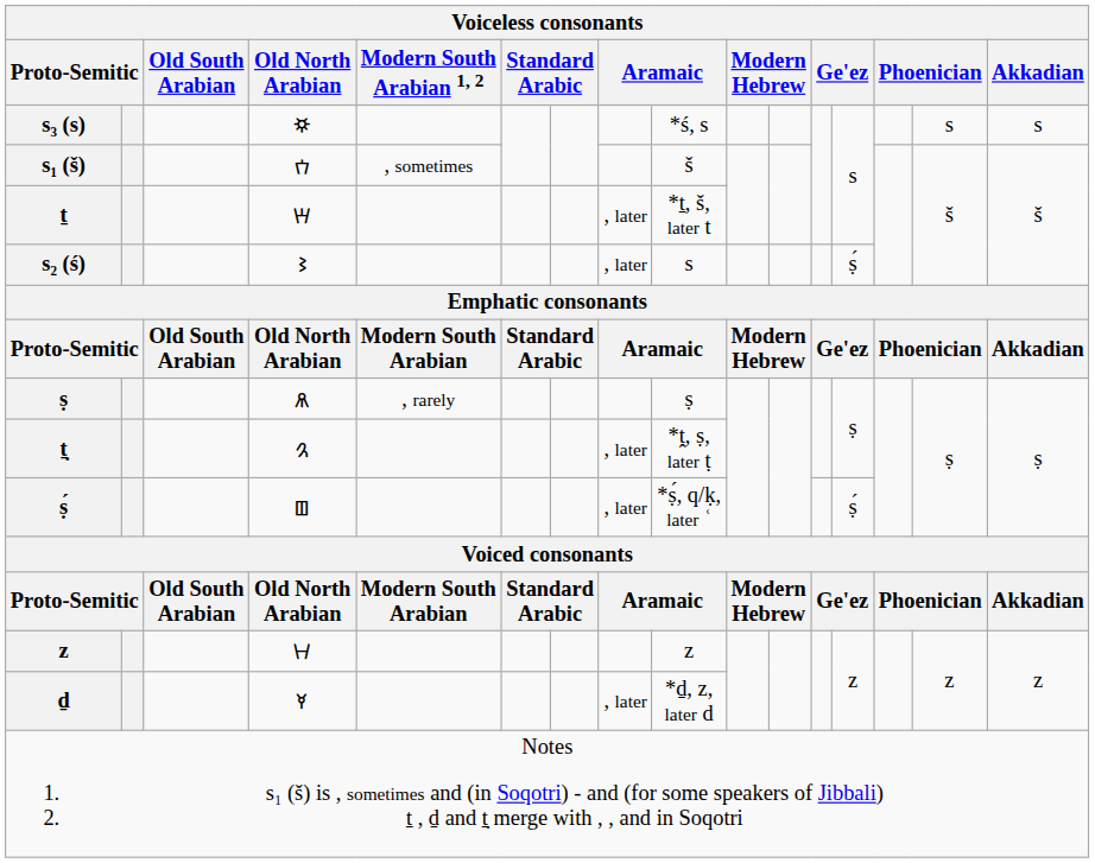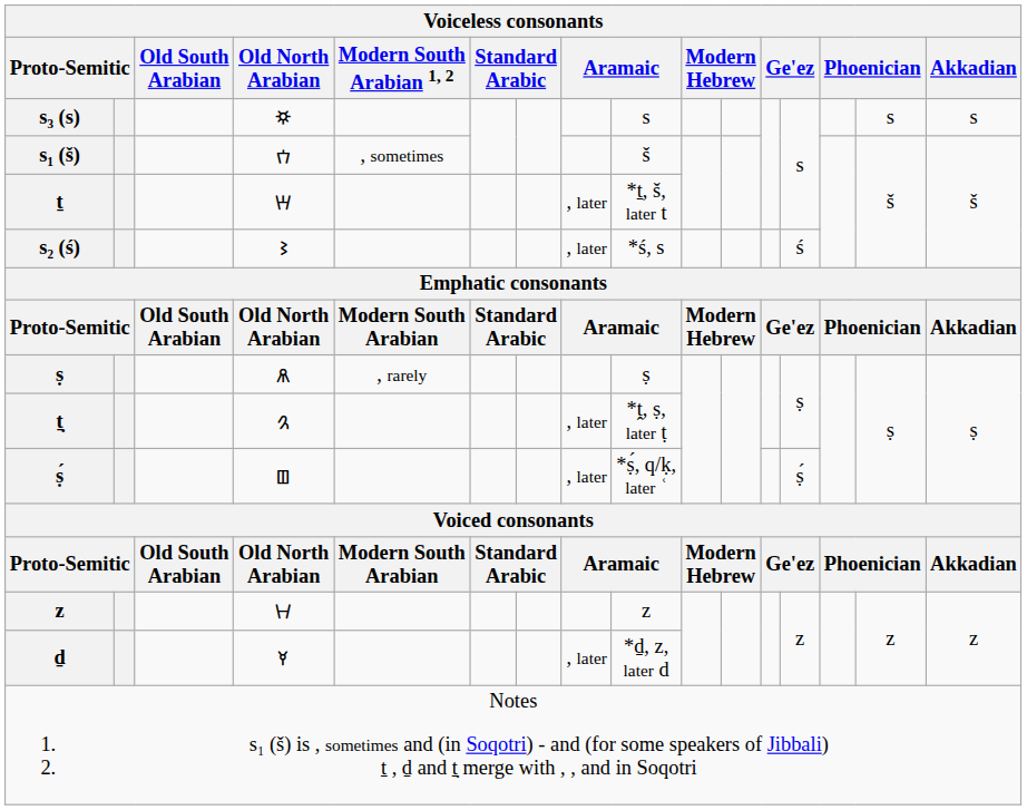 <table class="wikitable" style="text-align:center;">
 <tr>
 <th colspan="16">Voiceless consonants</th>
 </tr>
 <tr>
 <th colspan="2">Proto-Semitic</th>
 <th><a href='#'>Old South<br>Arabian</a></th>
 <th><a href='#'>Old North<br>Arabian</a></th>
 <th><a href='#'>Modern South<br>Arabian</a> <sup>1, 2</sup></th>
 <th colspan="2"><a href='#'>Standard<br>Arabic</a></th>
 <th colspan="2"><a href='#'>Aramaic</a></th>
 <th colspan="2"><a href='#'>Modern<br>Hebrew</a></th>
 <th colspan="2"><a href='#'>Ge'ez</a></th>
 <th colspan="2"><a href='#'>Phoenician</a></th>
 <th><a href='#'>Akkadian</a></th>
 </tr>
 <tr>
 <th>s₃ (s)</th>
 <th></th>
 <td></td>
 <td>𐪏</td>
 <td></td>
 <td rowspan="2"><big></big></td>
 <td rowspan="2"></td>
 <td></td>
-<td>*ś, s</td>
+<td>s</td>
 <td></td>
 <td></td>
 <td rowspan="3"></td>
 <td rowspan="3">s</td>
 <td></td>
 <td>s</td>
 <td>s</td>
 </tr>
 <tr>
 <th>s₁ (š)</th>
 <th></th>
 <td></td>
 <td>𐪊</td>
 <td>, <small>sometimes</small> </td>
 <td></td>
 <td>š</td>
 <td rowspan="2"></td>
 <td rowspan="2"></td>
 <td rowspan="3"></td>
 <td rowspan="3">š</td>
 <td rowspan="3">š</td>
 </tr>
 <tr>
 <th>ṯ</th>
 <th></th>
 <td></td>
 <td>𐪙</td>
 <td></td>
 <td><big></big></td>
 <td></td>
 <td>, <small>later</small> </td>
 <td>*ṯ, š,<br><small>later</small> t</td>
 </tr>
 <tr>
 <th>s₂ (ś)</th>
 <th></th>
 <td></td>
 <td>𐪆</td>
 <td></td>
 <td><big></big></td>
 <td></td>
 <td>, <small>later</small> </td>
-<td>s</td>
+<td>*ś, s</td>
 <td></td>
 <td></td>
 <td></td>
-<td>ṣ́</td>
+<td>ś</td>
 </tr>
 <tr>
 <th colspan="16">Emphatic consonants</th>
 </tr>
 <tr>
 <th colspan="2">Proto-Semitic</th>
 <th>Old South<br>Arabian</th>
 <th>Old North<br>Arabian</th>
 <th>Modern South<br>Arabian</th>
 <th colspan="2">Standard<br>Arabic</th>
 <th colspan="2">Aramaic</th>
 <th colspan="2">Modern<br>Hebrew</th>
 <th colspan="2">Ge'ez</th>
 <th colspan="2">Phoenician</th>
 <th>Akkadian</th>
 </tr>
 <tr>
 <th>ṣ</th>
 <th></th>
 <td></td>
 <td>𐪎</td>
 <td>, <small>rarely</small> </td>
 <td><big></big></td>
 <td></td>
 <td></td>
 <td>ṣ</td>
 <td rowspan="3"></td>
 <td rowspan="3"></td>
 <td rowspan="2"></td>
 <td rowspan="2">ṣ</td>
 <td rowspan="3"></td>
 <td rowspan="3">ṣ</td>
 <td rowspan="3">ṣ</td>
 </tr>
 <tr>
 <th>ṯ̣</th>
 <th></th>
 <td></td>
 <td>𐪜</td>
 <td></td>
 <td><big></big></td>
 <td></td>
 <td>, <small>later</small> </td>
 <td>*ṱ, ṣ,<br><small>later</small> ṭ</td>
 </tr>
 <tr>
 <th>ṣ́</th>
 <th></th>
 <td></td>
 <td>𐪓</td>
 <td></td>
 <td><big></big></td>
 <td></td>
 <td>, <small>later</small> </td>
 <td>*ṣ́, q/ḳ,<br><small>later</small> ʿ</td>
 <td></td>
 <td>ṣ́</td>
 </tr>
 <tr>
 <th colspan="16">Voiced consonants</th>
 </tr>
 <tr>
 <th colspan="2">Proto-Semitic</th>
 <th>Old South<br>Arabian</th>
 <th>Old North<br>Arabian</th>
 <th>Modern South<br>Arabian</th>
 <th colspan="2">Standard<br>Arabic</th>
 <th colspan="2">Aramaic</th>
 <th colspan="2">Modern<br>Hebrew</th>
 <th colspan="2">Ge'ez</th>
 <th colspan="2">Phoenician</th>
 <th>Akkadian</th>
 </tr>
 <tr>
 <th>z</th>
 <th></th>
 <td></td>
 <td>𐪘</td>
 <td></td>
 <td><big></big></td>
 <td></td>
 <td></td>
 <td>z</td>
 <td rowspan="2"></td>
 <td rowspan="2"></td>
 <td rowspan="2"></td>
 <td rowspan="2">z</td>
 <td rowspan="2"></td>
 <td rowspan="2">z</td>
 <td rowspan="2">z</td>
 </tr>
 <tr>
 <th>ḏ</th>
 <th></th>
 <td></td>
 <td>𐪛</td>
 <td></td>
 <td><big></big></td>
 <td></td>
 <td>, <small>later</small> </td>
 <td>*ḏ, z,<br><small>later</small> d</td>
 </tr>
 <tr>
 <td colspan="16">Notes<br><ol><li>s₁ (š) is , <small>sometimes</small>  and  (in <a href='#'>Soqotri</a>) -  and  (for some speakers of <a href='#'>Jibbali</a>)</li><li>ṯ , ḏ  and ṯ̣  merge with , , and  in Soqotri</li></ol></td>
 </tr>
 </table>
